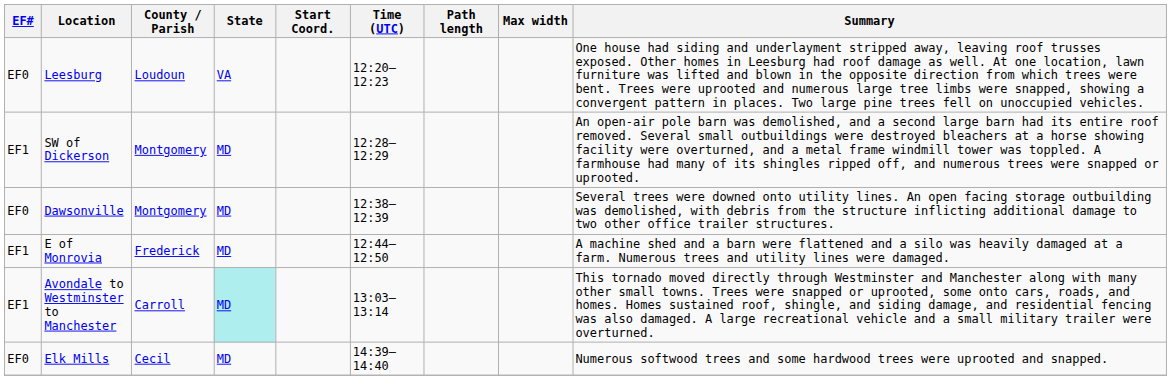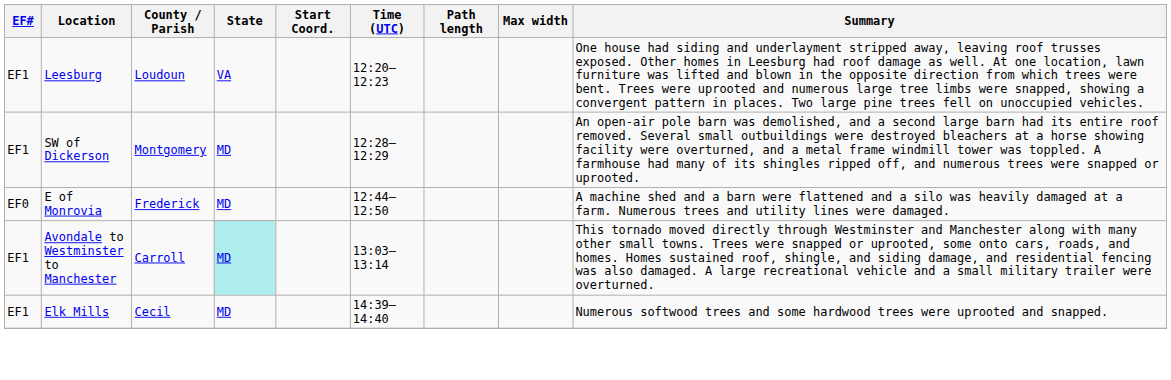 <table class="wikitable sortable" style="width:100%;">
 <tr>
 <th scope="col"  style="width:3%; text-align:center;"><a href='#'>EF#</a></th>
 <th scope="col"  style="width:7%; text-align:center;" class="unsortable">Location</th>
 <th scope="col"  style="width:6%; text-align:center;" class="unsortable">County / Parish</th>
 <th scope="col"  style="width:5%; text-align:center;">State</th>
 <th scope="col"  style="width:6%; text-align:center;">Start Coord.</th>
 <th scope="col"  style="width:6%; text-align:center;">Time (<a href='#'>UTC</a>)</th>
 <th scope="col"  style="width:6%; text-align:center;">Path length</th>
 <th scope="col"  style="width:6%; text-align:center;">Max width</th>
 <th scope="col" class="unsortable" style="width:48%; text-align:center;">Summary</th>
 </tr>
 <tr>
-<td>EF0</td>
+<td>EF1</td>
 <td><a href='#'>Leesburg</a></td>
 <td><a href='#'>Loudoun</a></td>
 <td><a href='#'>VA</a></td>
 <td></td>
 <td>12:20–12:23</td>
 <td></td>
 <td></td>
 <td>One house had siding and underlayment stripped away, leaving roof trusses exposed. Other homes in Leesburg had roof damage as well. At one location, lawn furniture was lifted and blown in the opposite direction from which trees were bent. Trees were uprooted and numerous large tree limbs were snapped, showing a convergent pattern in places. Two large pine trees fell on unoccupied vehicles.</td>
 </tr>
 <tr>
 <td>EF1</td>
 <td>SW of <a href='#'>Dickerson</a></td>
 <td><a href='#'>Montgomery</a></td>
 <td><a href='#'>MD</a></td>
 <td></td>
 <td>12:28–12:29</td>
 <td></td>
 <td></td>
 <td>An open-air pole barn was demolished, and a second large barn had its entire roof removed. Several small outbuildings were destroyed bleachers at a horse showing facility were overturned, and a metal frame windmill tower was toppled. A farmhouse had many of its shingles ripped off, and numerous trees were snapped or uprooted.</td>
 </tr>
 <tr>
 <td>EF0</td>
-<td><a href='#'>Dawsonville</a></td>
-<td><a href='#'>Montgomery</a></td>
-<td><a href='#'>MD</a></td>
-<td></td>
-<td>12:38–12:39</td>
-<td></td>
-<td></td>
-<td>Several trees were downed onto utility lines. An open facing storage outbuilding was demolished, with debris from the structure inflicting additional damage to two other office trailer structures.</td>
-</tr>
-<tr>
-<td>EF1</td>
 <td>E of <a href='#'>Monrovia</a></td>
 <td><a href='#'>Frederick</a></td>
 <td><a href='#'>MD</a></td>
 <td></td>
 <td>12:44–12:50</td>
 <td></td>
 <td></td>
 <td>A machine shed and a barn were flattened and a silo was heavily damaged at a farm. Numerous trees and utility lines were damaged.</td>
 </tr>
 <tr>
 <td>EF1</td>
 <td><a href='#'>Avondale</a> to <a href='#'>Westminster</a> to <a href='#'>Manchester</a></td>
 <td><a href='#'>Carroll</a></td>
 <td style="background: paleturquoise;"><a href='#'>MD</a></td>
 <td></td>
 <td>13:03–13:14</td>
 <td></td>
 <td></td>
 <td>This tornado moved directly through Westminster and Manchester along with many other small towns. Trees were snapped or uprooted, some onto cars, roads, and homes. Homes sustained roof, shingle, and siding damage, and residential fencing was also damaged. A large recreational vehicle and a small military trailer were overturned.</td>
 </tr>
 <tr>
-<td>EF0</td>
+<td>EF1</td>
 <td><a href='#'>Elk Mills</a></td>
 <td><a href='#'>Cecil</a></td>
 <td><a href='#'>MD</a></td>
 <td></td>
 <td>14:39–14:40</td>
 <td></td>
 <td></td>
 <td>Numerous softwood trees and some hardwood trees were uprooted and snapped.</td>
 </tr>
 <tr>
 </tr>
 </table>
